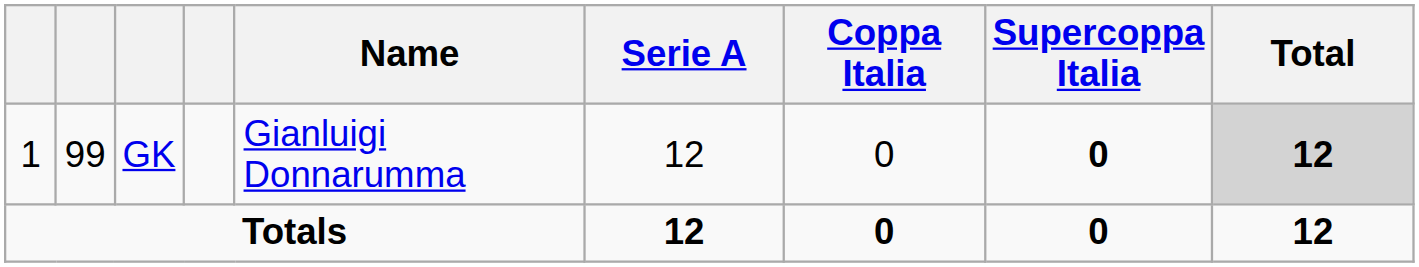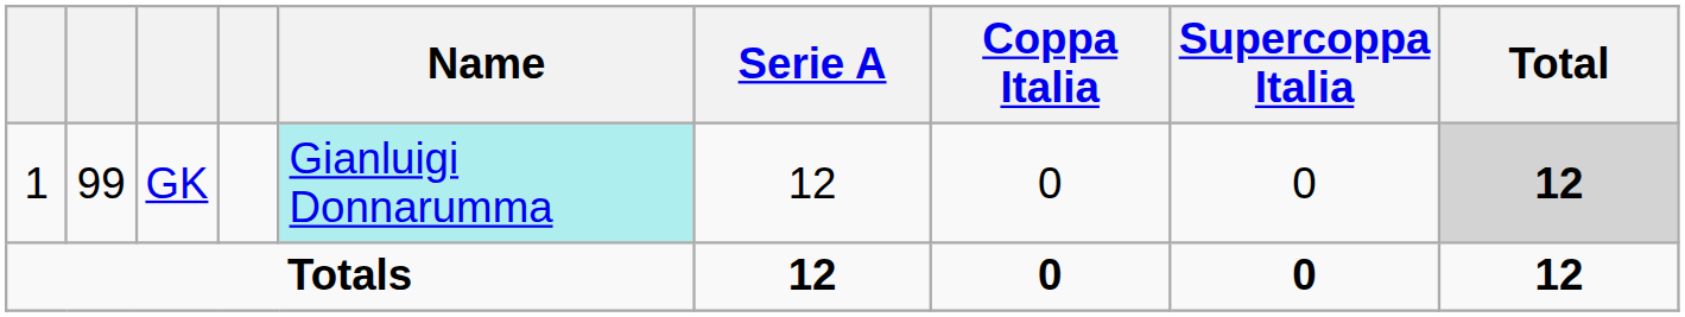 <table class="wikitable" style="text-align:center">
 <tr>
 <th width=15></th>
 <th width=15></th>
 <th width=15></th>
 <th width=15></th>
 <th width=145>Name</th>
 <th width=80><a href='#'>Serie A</a></th>
 <th width=80><a href='#'>Coppa Italia</a></th>
 <th width=80><a href='#'>Supercoppa Italia</a></th>
 <th width=80>Total</th>
 </tr>
 <tr>
 <td>1</td>
 <td>99</td>
 <td><a href='#'>GK</a></td>
 <td></td>
-<td align=left><a href='#'>Gianluigi Donnarumma</a></td>
+<td align=left style="background: paleturquoise;"><a href='#'>Gianluigi Donnarumma</a></td>
 <td>12</td>
 <td>0</td>
-<td><strong>0</strong></td>
+<td>0</td>
 <td style="background: lightgrey;"><strong>12</strong></td>
 </tr>
 <tr>
 <td colspan=5><strong>Totals</strong></td>
 <td><strong>12</strong></td>
 <td><strong>0</strong></td>
 <td><strong>0</strong></td>
 <td><strong>12</strong></td>
 </tr>
 </table>
